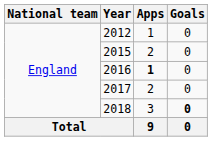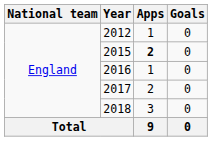 <table class=wikitable style=text-align:center>
 <tr>
 <th>National team</th>
 <th>Year</th>
 <th>Apps</th>
 <th>Goals</th>
 </tr>
 <tr>
 <td rowspan=5><a href='#'>England</a></td>
 <td>2012</td>
 <td>1</td>
 <td>0</td>
 </tr>
 <tr>
 <td>2015</td>
-<td>2</td>
+<td><strong>2</strong></td>
 <td>0</td>
 </tr>
 <tr>
 <td>2016</td>
-<td><strong>1</strong></td>
+<td>1</td>
 <td>0</td>
 </tr>
 <tr>
 <td>2017</td>
 <td>2</td>
 <td>0</td>
 </tr>
 <tr>
 <td>2018</td>
 <td>3</td>
-<td><strong>0</strong></td>
+<td>0</td>
 </tr>
 <tr>
 <th colspan=2>Total</th>
 <th>9</th>
 <th>0</th>
 </tr>
 </table>
